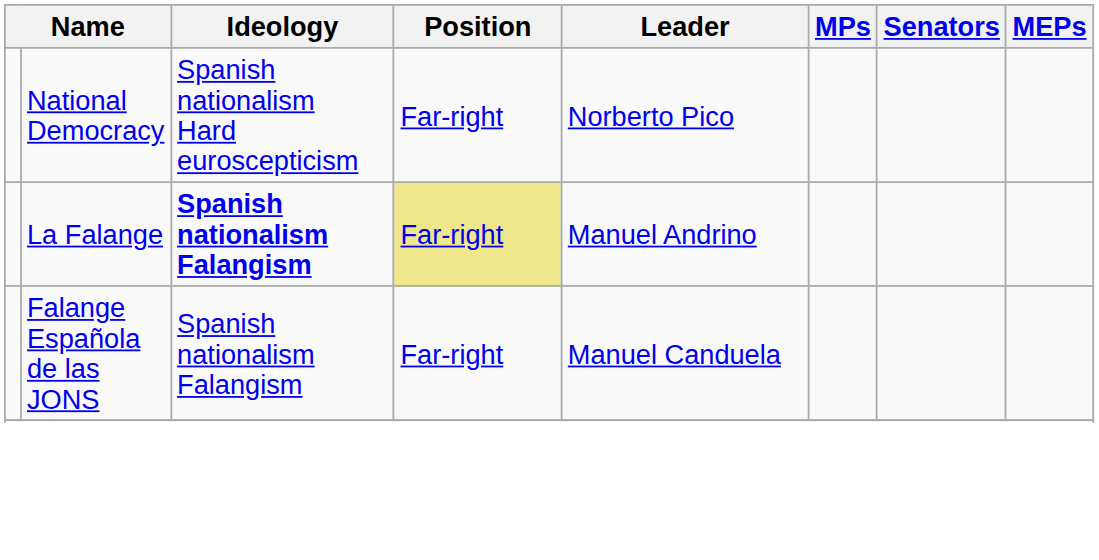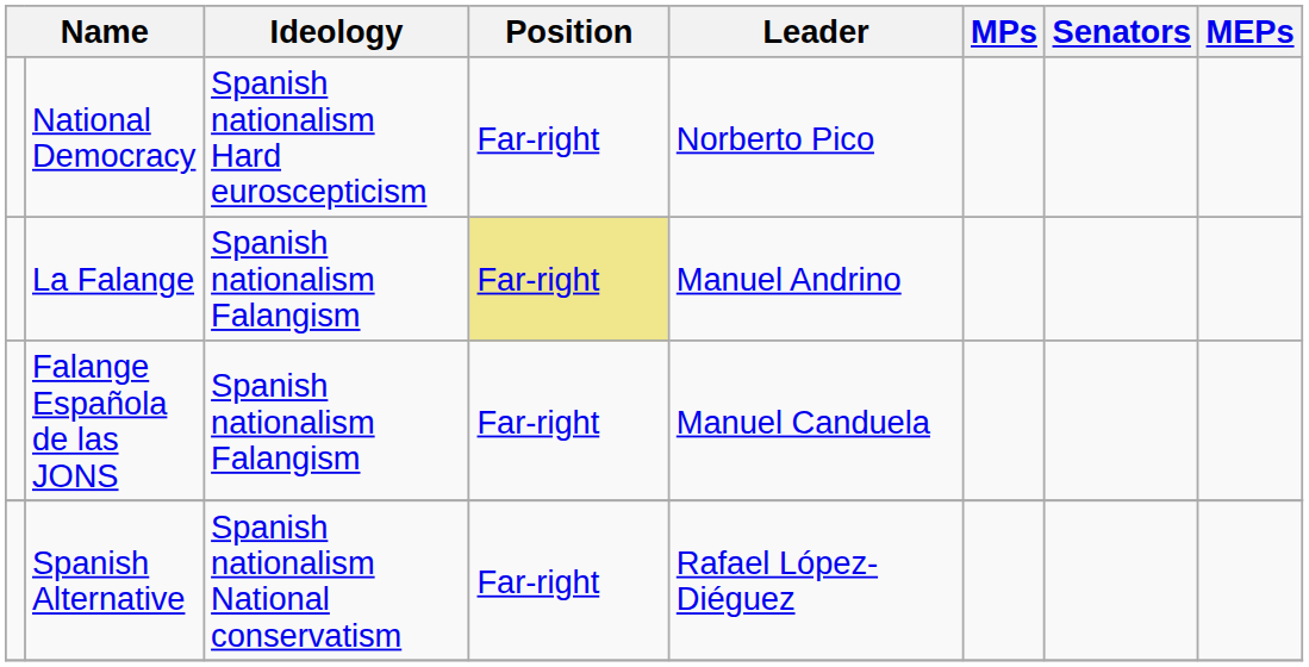 <table class="wikitable" style="font-size:95%;">
 <tr>
 <th colspan="2" style="width:200px">Name</th>
 <th style="width:120px">Ideology</th>
 <th style="width:90px">Position</th>
 <th style="width:140px">Leader</th>
 <th><a href='#'>MPs</a></th>
 <th><a href='#'>Senators</a></th>
 <th><a href='#'>MEPs</a></th>
 </tr>
 <tr>
 <td style="width:2px;background:"></td>
 <td><a href='#'>National Democracy</a></td>
 <td><a href='#'>Spanish nationalism</a><br><a href='#'>Hard euroscepticism</a></td>
 <td><a href='#'>Far-right</a></td>
 <td><a href='#'>Norberto Pico</a></td>
 <td align=center></td>
 <td align=center></td>
 <td align=center></td>
 </tr>
 <tr>
 <td style="width:2px;background:"></td>
 <td><a href='#'>La Falange</a></td>
-<td><strong><a href='#'>Spanish nationalism</a><br><a href='#'>Falangism</a></strong></td>
+<td><a href='#'>Spanish nationalism</a><br><a href='#'>Falangism</a></td>
 <td style="background: khaki;"><a href='#'>Far-right</a></td>
 <td><a href='#'>Manuel Andrino</a></td>
 <td align=center></td>
 <td align=center></td>
 <td align=center></td>
 </tr>
 <tr>
 <td style="width:2px;background:"></td>
 <td><a href='#'>Falange Española de las JONS</a></td>
 <td><a href='#'>Spanish nationalism</a><br><a href='#'>Falangism</a></td>
 <td><a href='#'>Far-right</a></td>
 <td><a href='#'>Manuel Canduela</a></td>
 <td align=center></td>
 <td align=center></td>
 <td align=center></td>
 </tr>
 <tr>
 </tr>
 <tr>
+<td style="width:2px;background:"></td>
+<td><a href='#'>Spanish Alternative</a></td>
+<td><a href='#'>Spanish nationalism</a><br><a href='#'>National conservatism</a></td>
+<td><a href='#'>Far-right</a></td>
+<td><a href='#'>Rafael López-Diéguez</a></td>
+<td align=center></td>
+<td align=center></td>
+<td align=center></td>
+</tr>
+<tr>
 </tr>
 </table>
